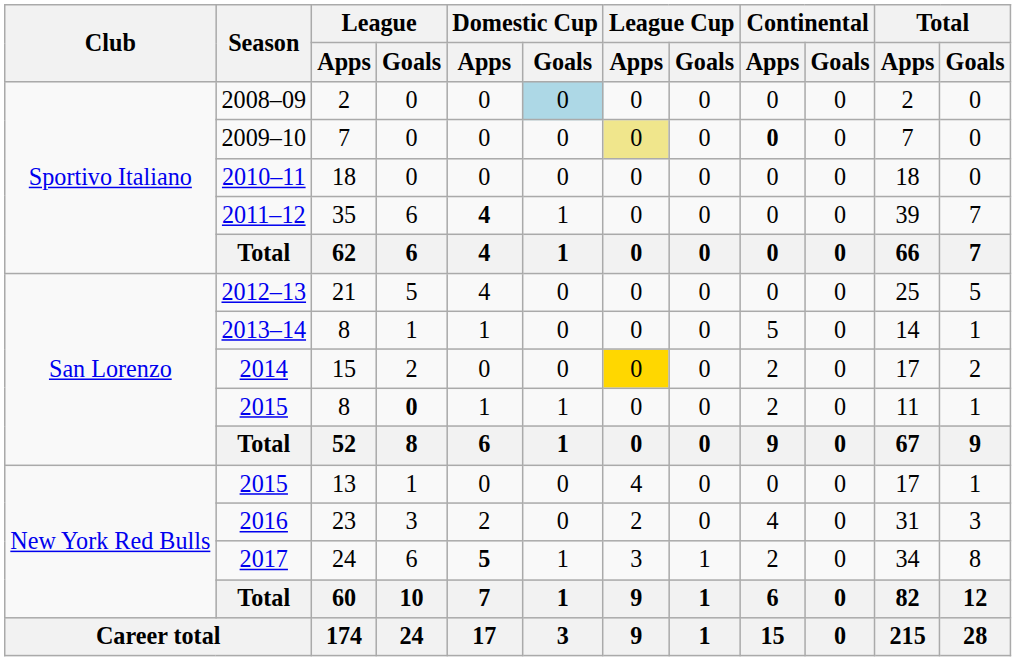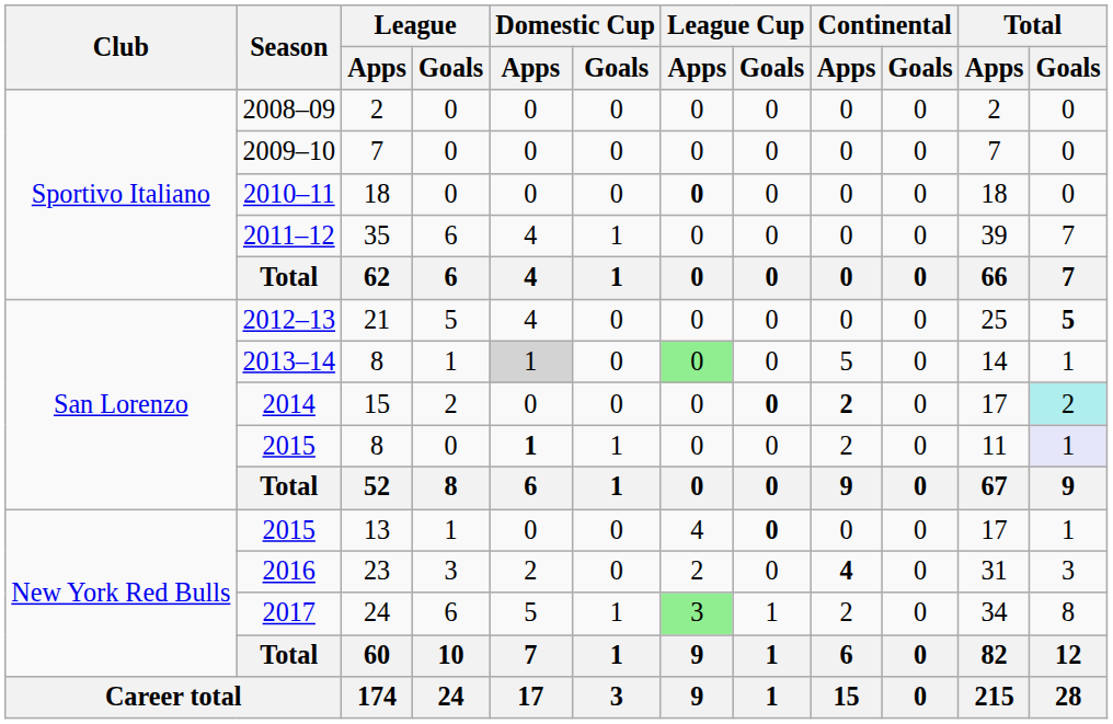 <table class="wikitable" style="text-align: center;">
 <tr>
 <th rowspan="2">Club</th>
 <th rowspan="2">Season</th>
 <th colspan="2">League</th>
 <th colspan="2">Domestic Cup </th>
 <th colspan="2">League Cup </th>
 <th colspan="2">Continental </th>
 <th colspan="2">Total</th>
 </tr>
 <tr>
 <th>Apps</th>
 <th>Goals</th>
 <th>Apps</th>
 <th>Goals</th>
 <th>Apps</th>
 <th>Goals</th>
 <th>Apps</th>
 <th>Goals</th>
 <th>Apps</th>
 <th>Goals</th>
 </tr>
 <tr>
 <td rowspan="5"><a href='#'>Sportivo Italiano</a></td>
 <td>2008–09</td>
 <td>2</td>
 <td>0</td>
 <td>0</td>
-<td style="background: lightblue;">0</td>
+<td>0</td>
 <td>0</td>
 <td>0</td>
 <td>0</td>
 <td>0</td>
 <td>2</td>
 <td>0</td>
 </tr>
 <tr>
 <td>2009–10</td>
 <td>7</td>
 <td>0</td>
 <td>0</td>
 <td>0</td>
-<td style="background: khaki;">0</td>
 <td>0</td>
-<td><strong>0</strong></td>
+<td>0</td>
+<td>0</td>
 <td>0</td>
 <td>7</td>
 <td>0</td>
 </tr>
 <tr>
 <td><a href='#'>2010–11</a></td>
 <td>18</td>
 <td>0</td>
 <td>0</td>
 <td>0</td>
-<td>0</td>
+<td><strong>0</strong></td>
 <td>0</td>
 <td>0</td>
 <td>0</td>
 <td>18</td>
 <td>0</td>
 </tr>
 <tr>
 <td><a href='#'>2011–12</a></td>
 <td>35</td>
 <td>6</td>
-<td><strong>4</strong></td>
+<td>4</td>
 <td>1</td>
 <td>0</td>
 <td>0</td>
 <td>0</td>
 <td>0</td>
 <td>39</td>
 <td>7</td>
 </tr>
 <tr>
 <th>Total</th>
 <th>62</th>
 <th>6</th>
 <th>4</th>
 <th>1</th>
 <th>0</th>
 <th>0</th>
 <th>0</th>
 <th>0</th>
 <th>66</th>
 <th>7</th>
 </tr>
 <tr>
 <td rowspan="5"><a href='#'>San Lorenzo</a></td>
 <td><a href='#'>2012–13</a></td>
 <td>21</td>
 <td>5</td>
 <td>4</td>
 <td>0</td>
 <td>0</td>
 <td>0</td>
 <td>0</td>
 <td>0</td>
 <td>25</td>
-<td>5</td>
+<td><strong>5</strong></td>
 </tr>
 <tr>
 <td><a href='#'>2013–14</a></td>
 <td>8</td>
 <td>1</td>
-<td>1</td>
+<td style="background: lightgrey;">1</td>
 <td>0</td>
-<td>0</td>
+<td style="background: lightgreen;">0</td>
 <td>0</td>
 <td>5</td>
 <td>0</td>
 <td>14</td>
 <td>1</td>
 </tr>
 <tr>
 <td><a href='#'>2014</a></td>
 <td>15</td>
 <td>2</td>
 <td>0</td>
 <td>0</td>
-<td style="background: gold;">0</td>
 <td>0</td>
-<td>2</td>
+<td><strong>0</strong></td>
+<td><strong>2</strong></td>
 <td>0</td>
 <td>17</td>
-<td>2</td>
+<td style="background: paleturquoise;">2</td>
 </tr>
 <tr>
 <td><a href='#'>2015</a></td>
 <td>8</td>
-<td><strong>0</strong></td>
-<td>1</td>
+<td>0</td>
+<td><strong>1</strong></td>
 <td>1</td>
 <td>0</td>
 <td>0</td>
 <td>2</td>
 <td>0</td>
 <td>11</td>
-<td>1</td>
+<td style="background: lavender;">1</td>
 </tr>
 <tr>
 <th>Total</th>
 <th>52</th>
 <th>8</th>
 <th>6</th>
 <th>1</th>
 <th>0</th>
 <th>0</th>
 <th>9</th>
 <th>0</th>
 <th>67</th>
 <th>9</th>
 </tr>
 <tr>
 <td rowspan="4"><a href='#'>New York Red Bulls</a></td>
 <td><a href='#'>2015</a></td>
 <td>13</td>
 <td>1</td>
 <td>0</td>
 <td>0</td>
 <td>4</td>
-<td>0</td>
+<td><strong>0</strong></td>
 <td>0</td>
 <td>0</td>
 <td>17</td>
 <td>1</td>
 </tr>
 <tr>
 <td><a href='#'>2016</a></td>
 <td>23</td>
 <td>3</td>
 <td>2</td>
 <td>0</td>
 <td>2</td>
 <td>0</td>
-<td>4</td>
+<td><strong>4</strong></td>
 <td>0</td>
 <td>31</td>
 <td>3</td>
 </tr>
 <tr>
 <td><a href='#'>2017</a></td>
 <td>24</td>
 <td>6</td>
-<td><strong>5</strong></td>
+<td>5</td>
 <td>1</td>
-<td>3</td>
+<td style="background: lightgreen;">3</td>
 <td>1</td>
 <td>2</td>
 <td>0</td>
 <td>34</td>
 <td>8</td>
 </tr>
 <tr>
 <th>Total</th>
 <th>60</th>
 <th>10</th>
 <th>7</th>
 <th>1</th>
 <th>9</th>
 <th>1</th>
 <th>6</th>
 <th>0</th>
 <th>82</th>
 <th>12</th>
 </tr>
 <tr>
 <th colspan="2">Career total</th>
 <th>174</th>
 <th>24</th>
 <th>17</th>
 <th>3</th>
 <th>9</th>
 <th>1</th>
 <th>15</th>
 <th>0</th>
 <th>215</th>
 <th>28</th>
 </tr>
 </table>
